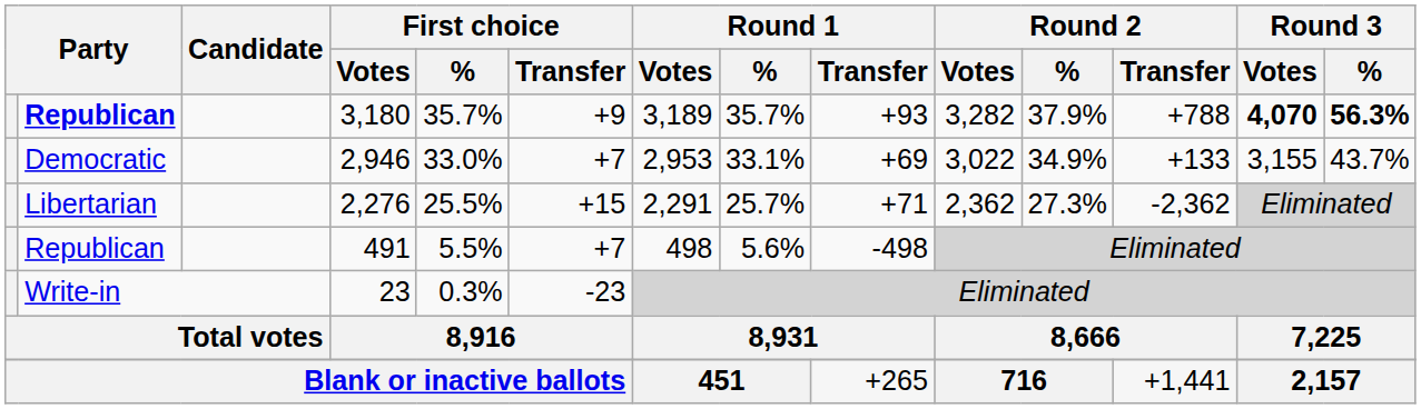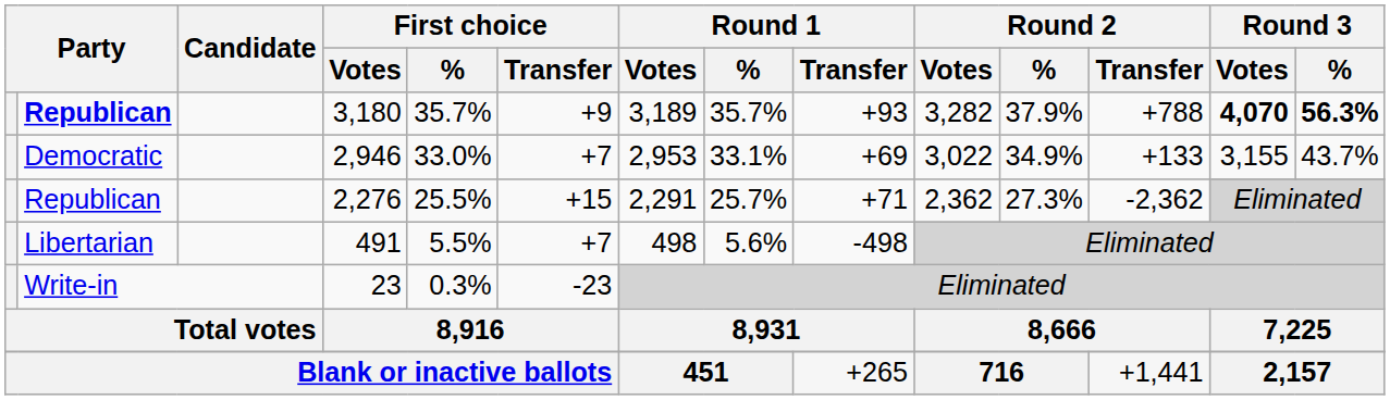 <table class="wikitable sortable" style="text-align:right">
 <tr>
 <th colspan=2 rowspan=2>Party</th>
 <th rowspan=2>Candidate</th>
 <th colspan=3>First choice</th>
 <th colspan=3>Round 1</th>
 <th colspan=3>Round 2</th>
 <th colspan=3>Round 3</th>
 </tr>
 <tr>
 <th>Votes</th>
 <th>%</th>
 <th>Transfer</th>
 <th>Votes</th>
 <th>%</th>
 <th>Transfer</th>
 <th>Votes</th>
 <th>%</th>
 <th>Transfer</th>
 <th>Votes</th>
 <th>%</th>
 </tr>
 <tr>
 <th style="background-color:"></th>
 <td style="text-align:left"><strong><a href='#'>Republican</a></strong></td>
 <td style="text-align:left" scope="row"><strong></strong></td>
 <td>3,180</td>
 <td>35.7%</td>
 <td>+9</td>
 <td>3,189</td>
 <td>35.7%</td>
 <td>+93</td>
 <td>3,282</td>
 <td>37.9%</td>
 <td>+788</td>
 <td><strong>4,070</strong></td>
 <td><strong>56.3%</strong></td>
 </tr>
 <tr>
 <th style="background-color:"></th>
 <td style="text-align:left"><a href='#'>Democratic</a></td>
 <td style="text-align:left" scope="row"></td>
 <td>2,946</td>
 <td>33.0%</td>
 <td>+7</td>
 <td>2,953</td>
 <td>33.1%</td>
 <td>+69</td>
 <td>3,022</td>
 <td>34.9%</td>
 <td>+133</td>
 <td>3,155</td>
 <td>43.7%</td>
 </tr>
 <tr>
 <th style="background-color:"></th>
-<td style="text-align:left"><a href='#'>Libertarian</a></td>
+<td style="text-align:left"><a href='#'>Republican</a></td>
 <td style="text-align:left" scope="row"></td>
 <td>2,276</td>
 <td>25.5%</td>
 <td>+15</td>
 <td>2,291</td>
 <td>25.7%</td>
 <td>+71</td>
 <td>2,362</td>
 <td>27.3%</td>
 <td>-2,362</td>
 <td colspan="2"  style="background:lightgrey; text-align:center;"><em>Eliminated</em></td>
 </tr>
 <tr>
 <th style="background-color:"></th>
-<td style="text-align:left"><a href='#'>Republican</a></td>
+<td style="text-align:left"><a href='#'>Libertarian</a></td>
 <td style="text-align:left" scope="row"></td>
 <td>491</td>
 <td>5.5%</td>
 <td>+7</td>
 <td>498</td>
 <td>5.6%</td>
 <td>-498</td>
 <td colspan="5"  style="background:lightgrey; text-align:center;"><em>Eliminated</em></td>
 </tr>
 <tr>
 <th style="background-color:"></th>
 <td style="text-align:left" colspan=2><a href='#'>Write-in</a></td>
 <td>23</td>
 <td>0.3%</td>
 <td>-23</td>
 <td colspan="8"  style="background:lightgrey; text-align:center;"><em>Eliminated</em></td>
 </tr>
 <tr class="sortbottom" style="background-color:#F6F6F6">
 <th colspan=3 scope="row" style="text-align:right;"><strong>Total votes</strong></th>
 <th colspan=3><strong>8,916</strong></th>
 <th colspan=3><strong>8,931</strong></th>
 <th colspan=3><strong>8,666</strong></th>
 <th colspan=3><strong>7,225</strong></th>
 </tr>
 <tr class="sortbottom">
 </tr>
 <tr class="sortbottom" style="background-color:#F6F6F6">
 <th colspan=6 scope="row" style="text-align:right;"><a href='#'>Blank or inactive ballots</a></th>
 <th colspan=2>451</th>
 <td>+265</td>
 <th colspan=2>716</th>
 <td>+1,441</td>
 <th colspan=2>2,157</th>
 </tr>
 </table>
